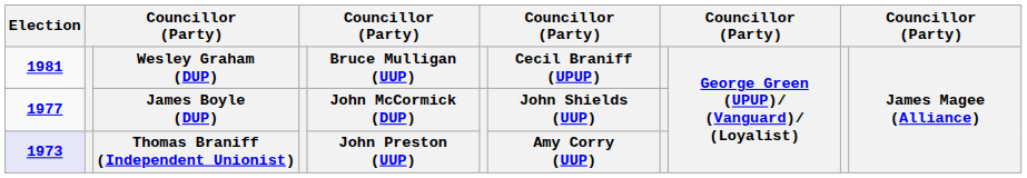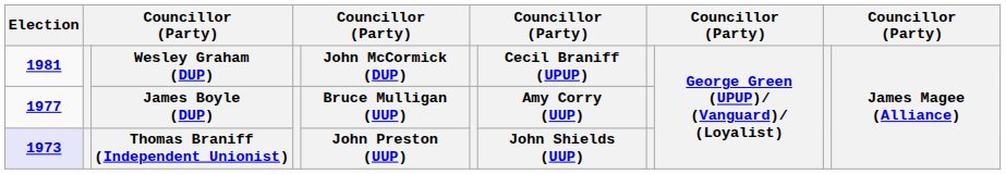 <table class="wikitable" style="text-align:center">
 <tr>
 <th scope="col" width="50">Election</th>
 <th scope="col" width="150" colspan = "2">Councillor<br> (Party)</th>
 <th scope="col" width="150" colspan = "2">Councillor<br> (Party)</th>
 <th scope="col" width="150" colspan = "2">Councillor<br> (Party)</th>
 <th scope="col" width="150" colspan = "2">Councillor<br> (Party)</th>
 <th scope="col" width="150" colspan = "2">Councillor<br> (Party)</th>
 </tr>
 <tr>
 <td><strong><a href='#'>1981</a></strong></td>
 <th rowspan="2" width="1" style="background-color: "></th>
 <th rowspan = "1">Wesley Graham <br> (<a href='#'>DUP</a>)</th>
 <th rowspan="1" width="1" style="background-color: "></th>
-<th rowspan = "1">Bruce Mulligan <br> (<a href='#'>UUP</a>)</th>
+<th rowspan = "1">John McCormick <br> (<a href='#'>DUP</a>)</th>
 <th rowspan="1" width="1" style="background-color: "></th>
 <th rowspan = "1">Cecil Braniff <br> (<a href='#'>UPUP</a>)</th>
 <th rowspan="1" width="1" style="background-color: "></th>
 <th rowspan = "3"><a href='#'>George Green</a> <br> (<a href='#'>UPUP</a>)/ <br> (<a href='#'>Vanguard</a>)/ <br> (Loyalist)</th>
 <th rowspan="3" width="1" style="background-color: "></th>
 <th rowspan = "3">James Magee <br> (<a href='#'>Alliance</a>)</th>
 </tr>
 <tr>
 <td><strong><a href='#'>1977</a></strong></td>
 <th rowspan = "1">James Boyle <br> (<a href='#'>DUP</a>)</th>
 <th rowspan="2" width="1" style="background-color: "></th>
-<th rowspan = "1">John McCormick <br> (<a href='#'>DUP</a>)</th>
+<th rowspan = "1">Bruce Mulligan <br> (<a href='#'>UUP</a>)</th>
 <th rowspan="2" width="1" style="background-color: "></th>
-<th rowspan = "1">John Shields <br> (<a href='#'>UUP</a>)</th>
+<th rowspan = "1">Amy Corry <br> (<a href='#'>UUP</a>)</th>
 <th rowspan="1" width="1" style="background-color: "></th>
 </tr>
 <tr>
 <td style="background: lavender;"><strong><a href='#'>1973</a></strong></td>
 <th rowspan="1" width="1" style="background-color: "></th>
 <th rowspan = "1">Thomas Braniff <br> (<a href='#'>Independent Unionist</a>)</th>
 <th rowspan = "1">John Preston <br> (<a href='#'>UUP</a>)</th>
-<th rowspan = "1">Amy Corry <br> (<a href='#'>UUP</a>)</th>
+<th rowspan = "1">John Shields <br> (<a href='#'>UUP</a>)</th>
 <th rowspan="1" width="1" style="background-color: "></th>
 </tr>
 </table>
